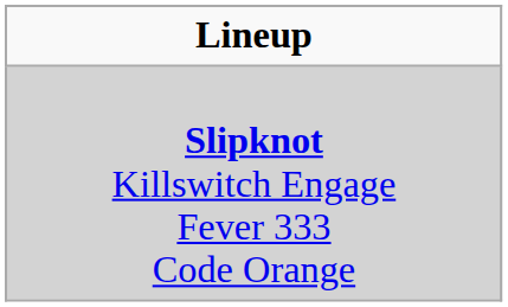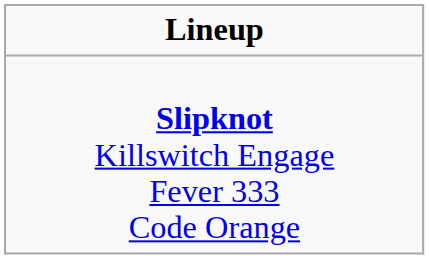 <table class="wikitable">
 <tr>
 <td colspan="3" style="text-align:center;"><strong>Lineup</strong></td>
 </tr>
 <tr>
-<td style="background: lightgrey; text-align:center; vertical-align:top; width:200px;"><br><strong><a href='#'>Slipknot</a></strong><br> <a href='#'>Killswitch Engage</a><br> <a href='#'>Fever 333</a><br> <a href='#'>Code Orange</a><br></td>
+<td style="text-align:center; vertical-align:top; width:200px;"><br><strong><a href='#'>Slipknot</a></strong><br> <a href='#'>Killswitch Engage</a><br> <a href='#'>Fever 333</a><br> <a href='#'>Code Orange</a><br></td>
 </tr>
 </table>
